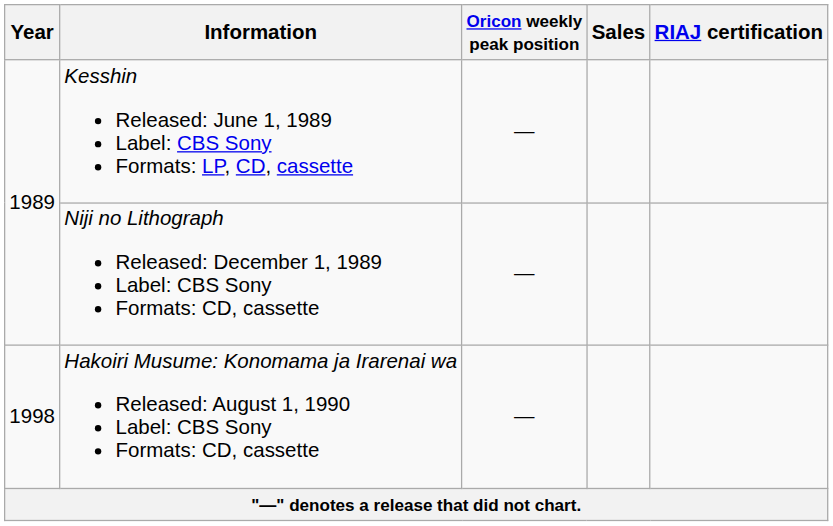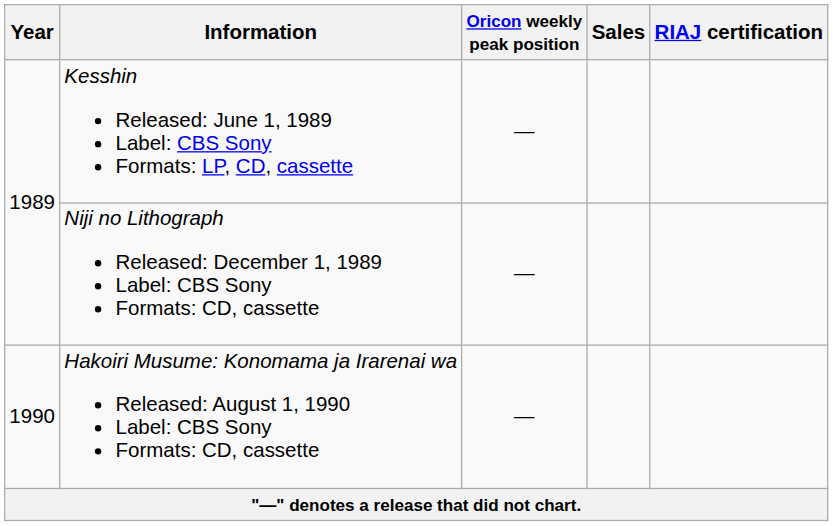 <table class="wikitable">
 <tr>
 <th>Year</th>
 <th>Information</th>
 <th><small><a href='#'>Oricon</a> weekly<br>peak position</small></th>
 <th>Sales<br></th>
 <th><a href='#'>RIAJ</a> certification</th>
 </tr>
 <tr>
 <td rowspan="2">1989</td>
 <td><em>Kesshin</em><br><ul><li>Released: June 1, 1989</li><li>Label: <a href='#'>CBS Sony</a></li><li>Formats: <a href='#'>LP</a>, <a href='#'>CD</a>, <a href='#'>cassette</a></li></ul></td>
 <td style="text-align:center;">—</td>
 <td align="left"></td>
 <td align="left"></td>
 </tr>
 <tr>
 <td><em>Niji no Lithograph</em><br><ul><li>Released: December 1, 1989</li><li>Label: CBS Sony</li><li>Formats: CD, cassette</li></ul></td>
 <td style="text-align:center;">—</td>
 <td align="left"></td>
 <td align="left"></td>
 </tr>
 <tr>
-<td>1998</td>
+<td>1990</td>
 <td><em>Hakoiri Musume: Konomama ja Irarenai wa</em><br><ul><li>Released: August 1, 1990</li><li>Label: CBS Sony</li><li>Formats: CD, cassette</li></ul></td>
 <td style="text-align:center;">—</td>
 <td align="left"></td>
 <td align="left"></td>
 </tr>
 <tr>
 <th colspan="5"><small>"—" denotes a release that did not chart.</small></th>
 </tr>
 </table>
